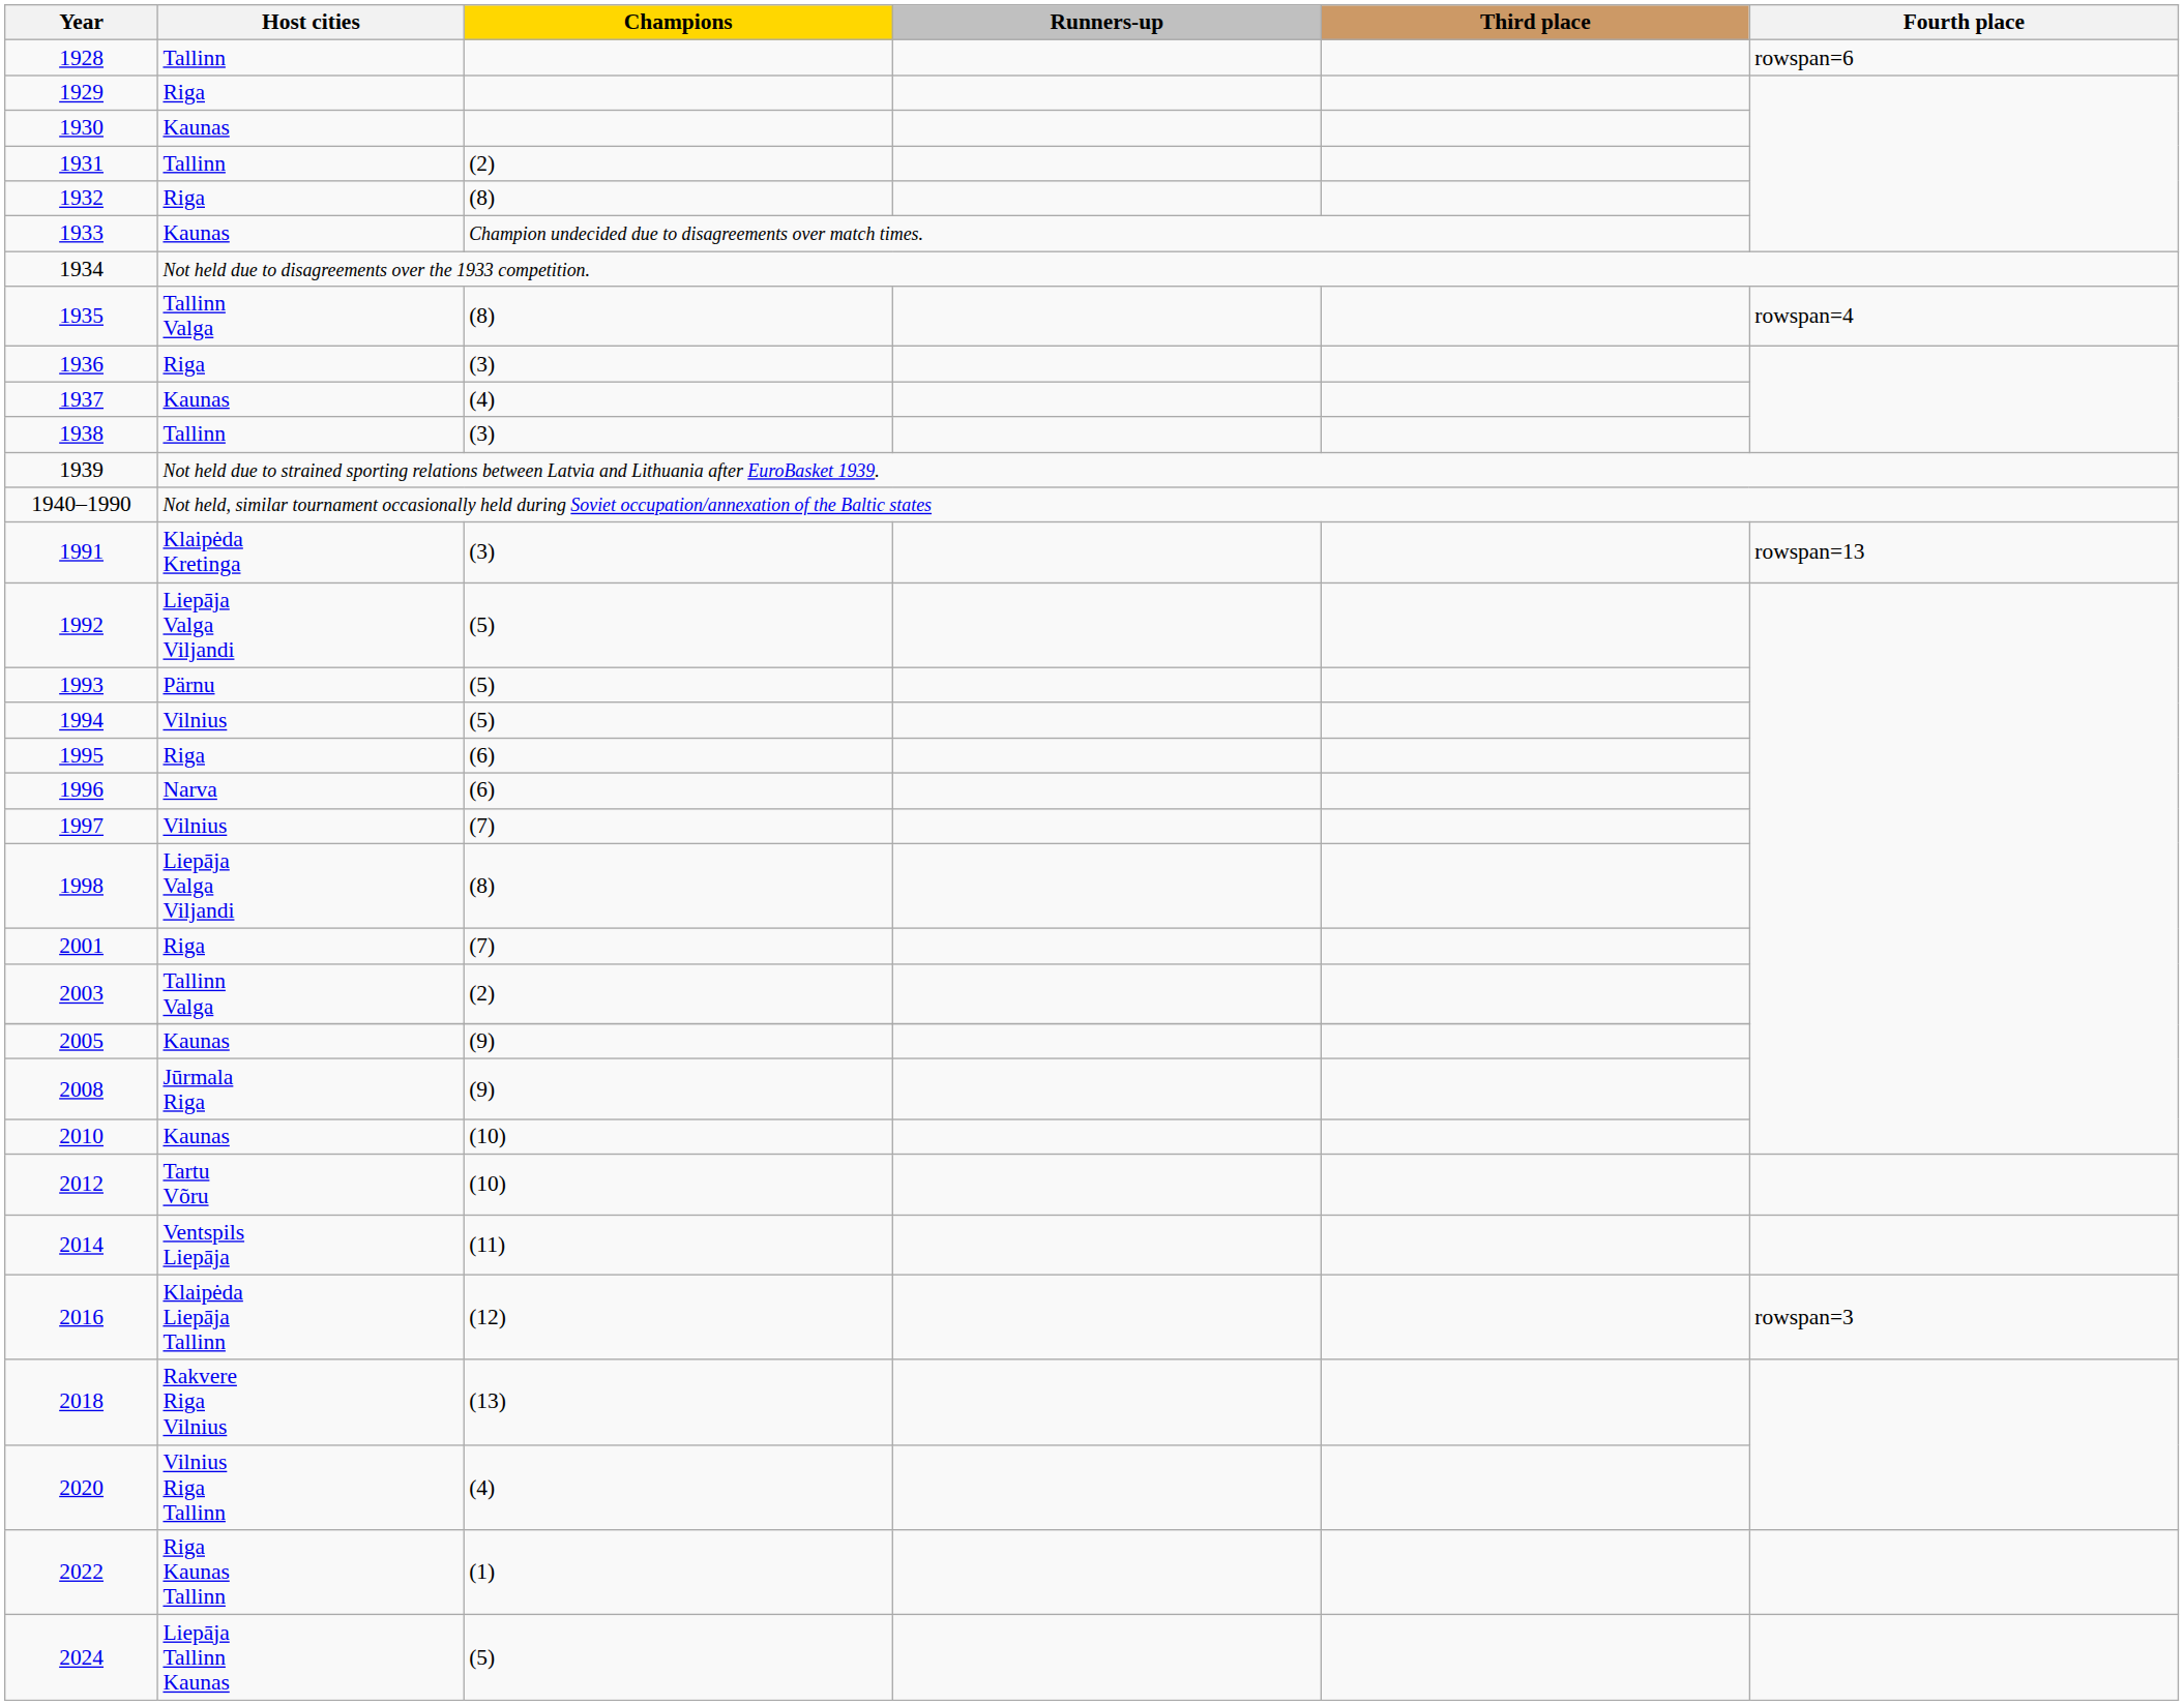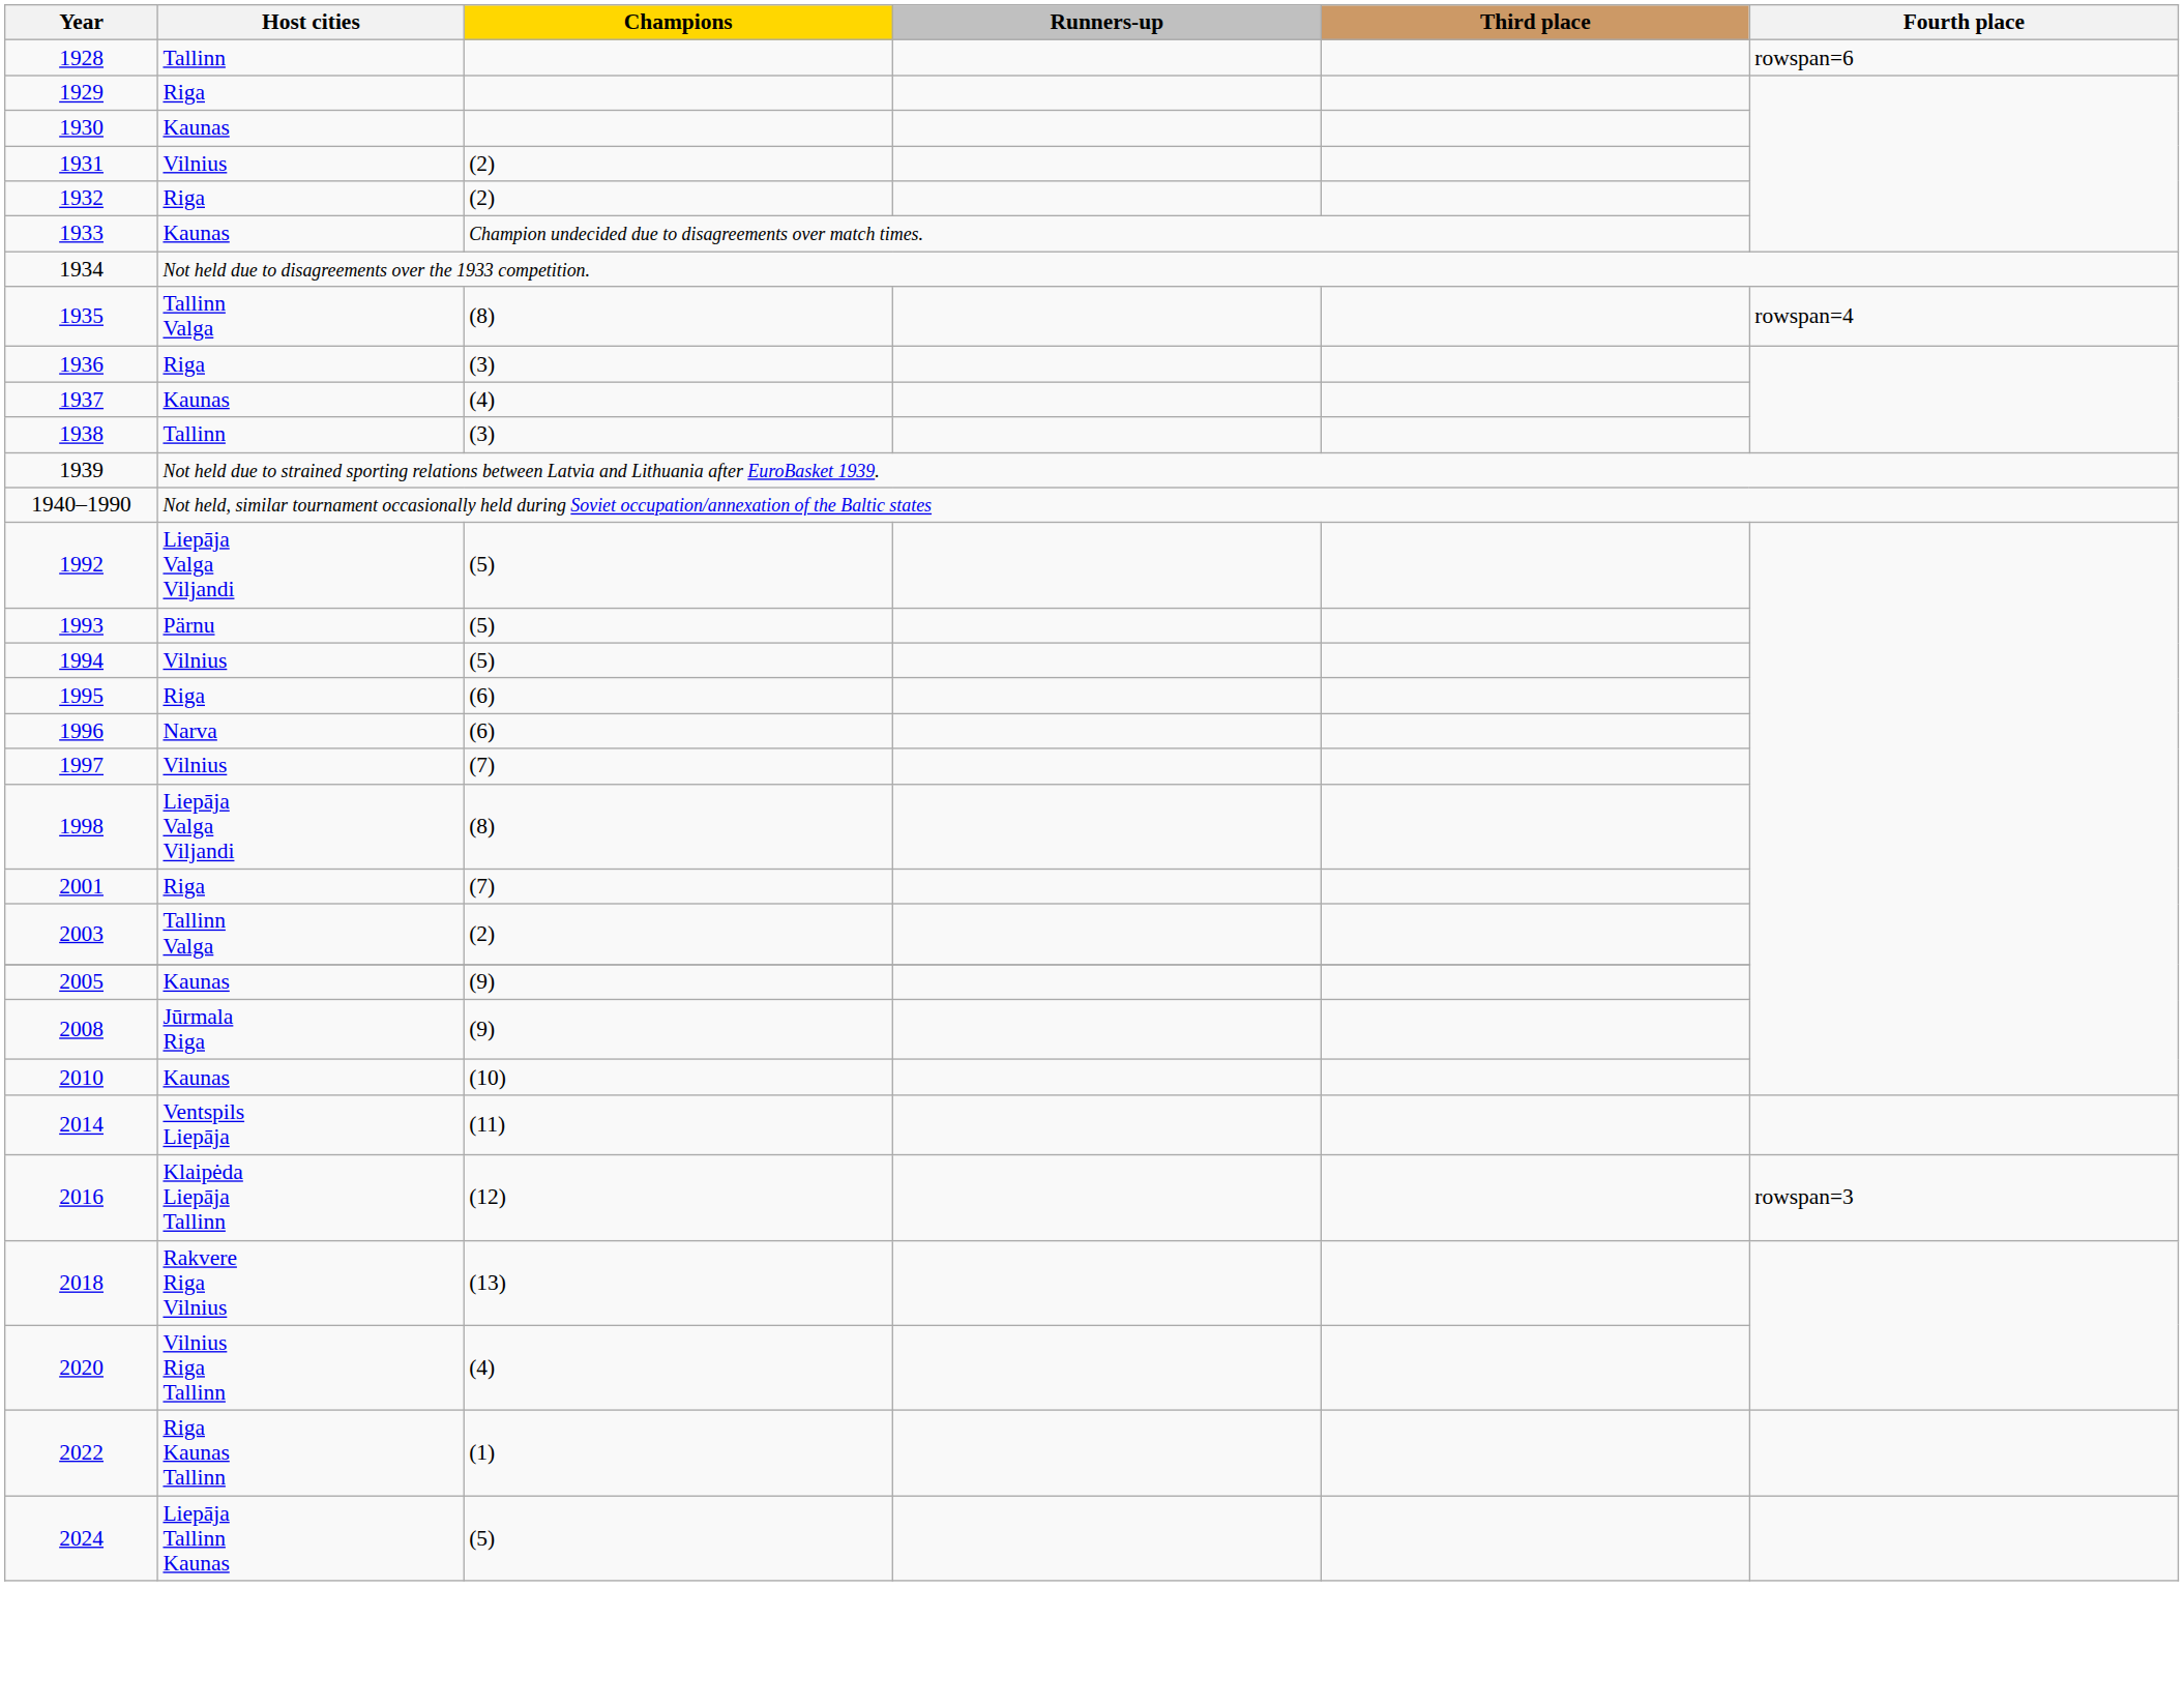 <table class="wikitable">
 <tr>
 <th width="5%">Year</th>
 <th width="10%">Host cities</th>
 <th style="width:14%; background:gold;">Champions</th>
 <th style="width:14%; background:silver;">Runners-up</th>
 <th style="width:14%; background:#c96;">Third place</th>
 <th style="width:14%;">Fourth place</th>
 </tr>
 <tr>
 <td align=center><a href='#'>1928</a></td>
 <td> <a href='#'>Tallinn</a></td>
 <td></td>
 <td></td>
 <td></td>
 <td>rowspan=6 </td>
 </tr>
 <tr>
 <td align=center><a href='#'>1929</a></td>
 <td> <a href='#'>Riga</a></td>
 <td></td>
 <td></td>
 <td></td>
 </tr>
 <tr>
 <td align=center><a href='#'>1930</a></td>
 <td> <a href='#'>Kaunas</a></td>
 <td></td>
 <td></td>
 <td></td>
 </tr>
 <tr>
 <td align=center><a href='#'>1931</a></td>
-<td> <a href='#'>Tallinn</a></td>
+<td> <a href='#'>Vilnius</a></td>
 <td> (2)</td>
 <td></td>
 <td></td>
 </tr>
 <tr>
 <td align=center><a href='#'>1932</a></td>
 <td> <a href='#'>Riga</a></td>
-<td> (8)</td>
+<td> (2)</td>
 <td></td>
 <td></td>
 </tr>
 <tr>
 <td align=center><a href='#'>1933</a></td>
 <td> <a href='#'>Kaunas</a></td>
 <td colspan="3"><small><em>Champion undecided due to disagreements over match times.</em></small></td>
 </tr>
 <tr>
 <td align=center>1934</td>
 <td colspan="5"><small><em>Not held due to disagreements over the 1933 competition.</em></small></td>
 </tr>
 <tr>
 <td align=center><a href='#'>1935</a></td>
 <td> <a href='#'>Tallinn</a><br> <a href='#'>Valga</a></td>
 <td> (8)</td>
 <td></td>
 <td></td>
 <td>rowspan=4  </td>
 </tr>
 <tr>
 <td align=center><a href='#'>1936</a></td>
 <td> <a href='#'>Riga</a></td>
 <td> (3)</td>
 <td></td>
 <td></td>
 </tr>
 <tr>
 <td align=center><a href='#'>1937</a></td>
 <td> <a href='#'>Kaunas</a></td>
 <td> (4)</td>
 <td></td>
 <td></td>
 </tr>
 <tr>
 <td align=center><a href='#'>1938</a></td>
 <td> <a href='#'>Tallinn</a></td>
 <td> (3)</td>
 <td></td>
 <td></td>
 </tr>
 <tr>
 <td align=center>1939</td>
 <td colspan="5"><small><em>Not held due to strained sporting relations between Latvia and Lithuania after <a href='#'>EuroBasket 1939</a>.</em></small></td>
 </tr>
 <tr>
 <td align=center>1940–1990</td>
 <td colspan="5"><small><em>Not held, similar tournament occasionally held during <a href='#'>Soviet occupation/annexation of the Baltic states</a></em></small></td>
-</tr>
-<tr>
-<td align=center><a href='#'>1991</a></td>
-<td> <a href='#'>Klaipėda</a><br> <a href='#'>Kretinga</a></td>
-<td> (3)</td>
-<td></td>
-<td></td>
-<td>rowspan=13  </td>
 </tr>
 <tr>
 <td align=center><a href='#'>1992</a></td>
 <td> <a href='#'>Liepāja</a><br> <a href='#'>Valga</a><br>  <a href='#'>Viljandi</a></td>
 <td> (5)</td>
 <td></td>
 <td></td>
 </tr>
 <tr>
 <td align=center><a href='#'>1993</a></td>
 <td> <a href='#'>Pärnu</a></td>
 <td> (5)</td>
 <td></td>
 <td></td>
 </tr>
 <tr>
 <td align=center><a href='#'>1994</a></td>
 <td> <a href='#'>Vilnius</a></td>
 <td> (5)</td>
 <td></td>
 <td></td>
 </tr>
 <tr>
 <td align=center><a href='#'>1995</a></td>
 <td> <a href='#'>Riga</a></td>
 <td> (6)</td>
 <td></td>
 <td></td>
 </tr>
 <tr>
 <td align=center><a href='#'>1996</a></td>
 <td> <a href='#'>Narva</a></td>
 <td> (6)</td>
 <td></td>
 <td></td>
 </tr>
 <tr>
 <td align=center><a href='#'>1997</a></td>
 <td> <a href='#'>Vilnius</a></td>
 <td> (7)</td>
 <td></td>
 <td></td>
 </tr>
 <tr>
 <td align=center><a href='#'>1998</a></td>
 <td> <a href='#'>Liepāja</a><br> <a href='#'>Valga</a><br>  <a href='#'>Viljandi</a></td>
 <td> (8)</td>
 <td></td>
 <td></td>
 </tr>
 <tr>
 <td align=center><a href='#'>2001</a></td>
 <td> <a href='#'>Riga</a></td>
 <td> (7)</td>
 <td></td>
 <td></td>
 </tr>
 <tr>
 <td align=center><a href='#'>2003</a></td>
 <td> <a href='#'>Tallinn</a><br> <a href='#'>Valga</a></td>
 <td> (2)</td>
 <td></td>
 <td></td>
 </tr>
 <tr>
 </tr>
 <tr>
 <td align=center><a href='#'>2005</a></td>
 <td> <a href='#'>Kaunas</a></td>
 <td> (9)</td>
 <td></td>
 <td></td>
 </tr>
 <tr>
 <td align=center><a href='#'>2008</a></td>
 <td> <a href='#'>Jūrmala</a><br> <a href='#'>Riga</a></td>
 <td> (9)</td>
 <td></td>
 <td></td>
 </tr>
 <tr>
 <td align=center><a href='#'>2010</a></td>
 <td> <a href='#'>Kaunas</a></td>
 <td> (10)</td>
 <td></td>
 <td></td>
 </tr>
 <tr>
-<td align=center><a href='#'>2012</a></td>
-<td> <a href='#'>Tartu</a><br> <a href='#'>Võru</a></td>
-<td> (10)</td>
-<td></td>
-<td></td>
-<td></td>
-</tr>
-<tr>
 <td align=center><a href='#'>2014</a></td>
 <td> <a href='#'>Ventspils</a><br> <a href='#'>Liepāja</a></td>
 <td> (11)</td>
 <td></td>
 <td></td>
 <td></td>
 </tr>
 <tr>
 <td align=center><a href='#'>2016</a></td>
 <td> <a href='#'>Klaipėda</a><br> <a href='#'>Liepāja</a><br> <a href='#'>Tallinn</a></td>
 <td> (12)</td>
 <td></td>
 <td></td>
 <td>rowspan=3  </td>
 </tr>
 <tr>
 <td align=center><a href='#'>2018</a></td>
 <td> <a href='#'>Rakvere</a><br> <a href='#'>Riga</a><br> <a href='#'>Vilnius</a></td>
 <td> (13)</td>
 <td></td>
 <td></td>
 </tr>
 <tr>
 <td align=center><a href='#'>2020</a></td>
 <td> <a href='#'>Vilnius</a><br> <a href='#'>Riga</a><br> <a href='#'>Tallinn</a></td>
 <td> (4)</td>
 <td></td>
 <td></td>
 </tr>
 <tr>
 <td align=center><a href='#'>2022</a></td>
 <td> <a href='#'>Riga</a><br> <a href='#'>Kaunas</a><br> <a href='#'>Tallinn</a></td>
 <td> (1)</td>
 <td></td>
 <td></td>
 <td></td>
 </tr>
 <tr>
 <td align=center><a href='#'>2024</a></td>
 <td> <a href='#'>Liepāja</a><br> <a href='#'>Tallinn</a> <br>  <a href='#'>Kaunas</a></td>
 <td> (5)</td>
 <td></td>
 <td></td>
 <td></td>
 </tr>
 </table>
